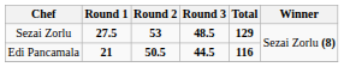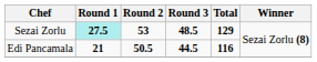 <table class="wikitable"  style="float:left; margin:auto; text-align:center;">
 <tr>
 <th>Chef</th>
 <th>Round 1</th>
 <th>Round 2</th>
 <th>Round 3</th>
 <th>Total</th>
 <th>Winner</th>
 </tr>
 <tr>
 <td>Sezai Zorlu</td>
-<td><strong>27.5</strong></td>
+<td style="background: paleturquoise;"><strong>27.5</strong></td>
 <td><strong>53</strong></td>
 <td><strong>48.5</strong></td>
 <td><strong>129</strong></td>
 <td rowspan=2>Sezai Zorlu <strong>(8)</strong></td>
 </tr>
 <tr>
 <td>Edi Pancamala</td>
 <td><strong>21</strong></td>
 <td><strong>50.5</strong></td>
 <td><strong>44.5</strong></td>
 <td><strong>116</strong></td>
 </tr>
 <tr>
 </tr>
 </table>
